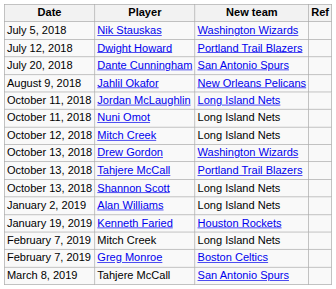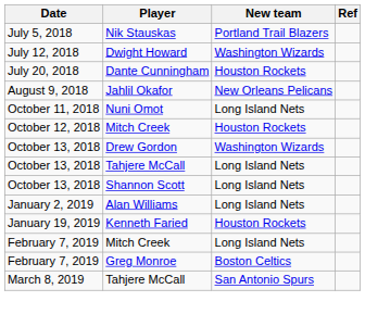 <table class="wikitable" style="text-align:left;">
 <tr>
 <th>Date</th>
 <th>Player</th>
 <th>New team</th>
 <th>Ref</th>
 </tr>
 <tr>
 <td>July 5, 2018</td>
 <td><a href='#'>Nik Stauskas</a></td>
-<td><a href='#'>Washington Wizards</a></td>
+<td><a href='#'>Portland Trail Blazers</a></td>
 <td></td>
 </tr>
 <tr>
 <td>July 12, 2018</td>
 <td><a href='#'>Dwight Howard</a></td>
-<td><a href='#'>Portland Trail Blazers</a></td>
+<td><a href='#'>Washington Wizards</a></td>
 <td></td>
 </tr>
 <tr>
 <td>July 20, 2018</td>
 <td><a href='#'>Dante Cunningham</a></td>
-<td><a href='#'>San Antonio Spurs</a></td>
+<td><a href='#'>Houston Rockets</a></td>
 <td></td>
 </tr>
 <tr>
 <td>August 9, 2018</td>
 <td><a href='#'>Jahlil Okafor</a></td>
 <td><a href='#'>New Orleans Pelicans</a></td>
-<td></td>
-</tr>
-<tr>
-<td>October 11, 2018</td>
-<td><a href='#'>Jordan McLaughlin</a></td>
-<td><a href='#'>Long Island Nets</a></td>
 <td></td>
 </tr>
 <tr>
 <td>October 11, 2018</td>
 <td><a href='#'>Nuni Omot</a></td>
 <td>Long Island Nets</td>
 <td></td>
 </tr>
 <tr>
 <td>October 12, 2018</td>
 <td><a href='#'>Mitch Creek</a></td>
-<td>Long Island Nets</td>
+<td><a href='#'>Houston Rockets</a></td>
 <td></td>
 </tr>
 <tr>
 <td>October 13, 2018</td>
 <td><a href='#'>Drew Gordon</a></td>
 <td><a href='#'>Washington Wizards</a></td>
 <td></td>
 </tr>
 <tr>
 <td>October 13, 2018</td>
 <td><a href='#'>Tahjere McCall</a></td>
-<td><a href='#'>Portland Trail Blazers</a></td>
+<td>Long Island Nets</td>
 <td></td>
 </tr>
 <tr>
 <td>October 13, 2018</td>
 <td><a href='#'>Shannon Scott</a></td>
 <td>Long Island Nets</td>
 <td></td>
 </tr>
 <tr>
 <td>January 2, 2019</td>
 <td><a href='#'>Alan Williams</a></td>
 <td>Long Island Nets</td>
 <td></td>
 </tr>
 <tr>
 <td>January 19, 2019</td>
 <td><a href='#'>Kenneth Faried</a></td>
 <td><a href='#'>Houston Rockets</a></td>
 <td></td>
 </tr>
 <tr>
 <td>February 7, 2019</td>
 <td>Mitch Creek</td>
 <td>Long Island Nets</td>
 <td></td>
 </tr>
 <tr>
 <td>February 7, 2019</td>
 <td><a href='#'>Greg Monroe</a></td>
 <td><a href='#'>Boston Celtics</a></td>
 <td></td>
 </tr>
 <tr>
 <td>March 8, 2019</td>
 <td>Tahjere McCall</td>
 <td><a href='#'>San Antonio Spurs</a></td>
 <td></td>
 </tr>
 </table>
